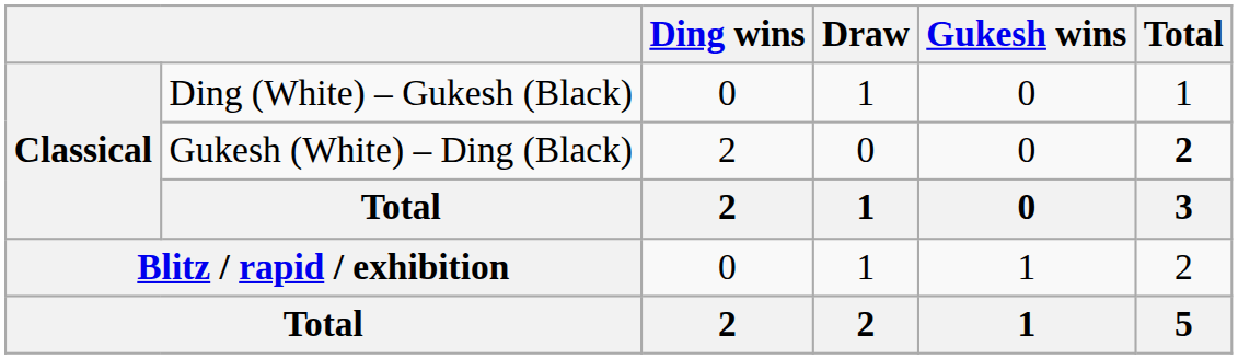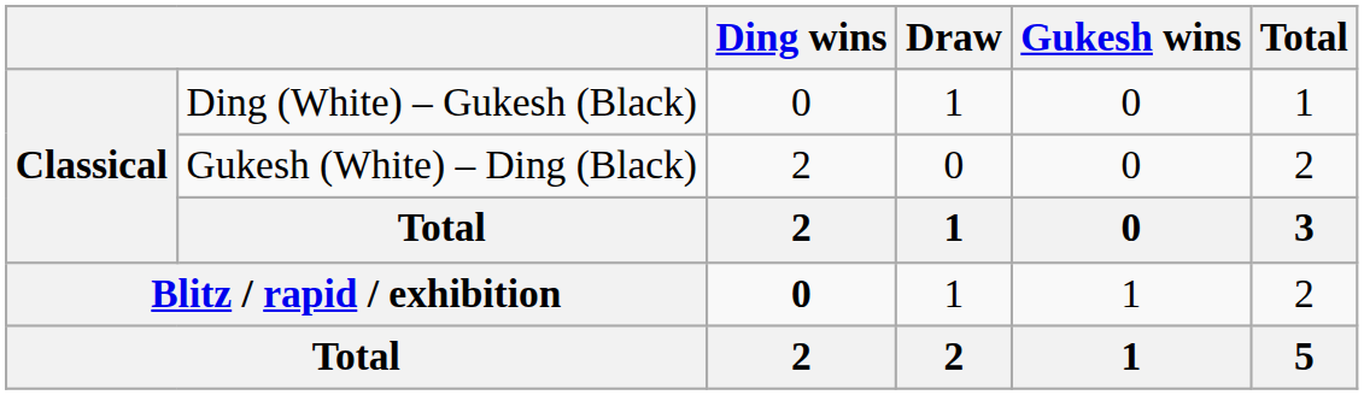 <table class="wikitable">
 <tr>
 <th colspan="2"></th>
 <th><a href='#'>Ding</a> wins</th>
 <th>Draw</th>
 <th><a href='#'>Gukesh</a> wins</th>
 <th>Total</th>
 </tr>
 <tr align="center">
 <th rowspan="3">Classical</th>
 <td>Ding (White) – Gukesh (Black)</td>
 <td>0</td>
 <td>1</td>
 <td>0</td>
 <td>1</td>
 </tr>
 <tr align="center">
 <td>Gukesh (White) – Ding (Black)</td>
 <td>2</td>
 <td>0</td>
 <td>0</td>
-<td><strong>2</strong></td>
+<td>2</td>
 </tr>
 <tr>
 <th>Total</th>
 <th>2</th>
 <th>1</th>
 <th>0</th>
 <th>3</th>
 </tr>
 <tr align="center">
 <th colspan="2"><a href='#'>Blitz</a> / <a href='#'>rapid</a> / exhibition</th>
-<td>0</td>
+<td><strong>0</strong></td>
 <td>1</td>
 <td>1</td>
 <td>2</td>
 </tr>
 <tr>
 <th colspan="2">Total</th>
 <th>2</th>
 <th>2</th>
 <th>1</th>
 <th>5</th>
 </tr>
 </table>
